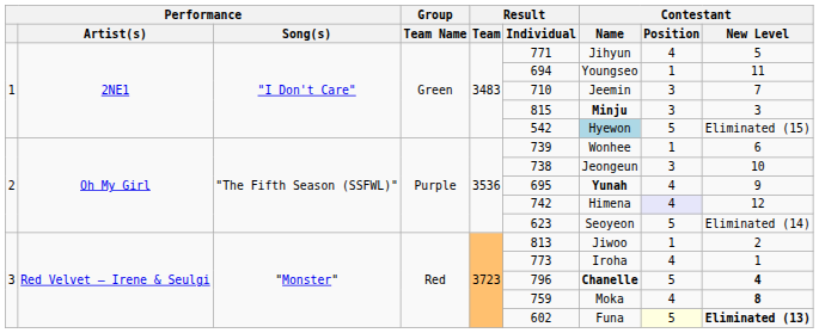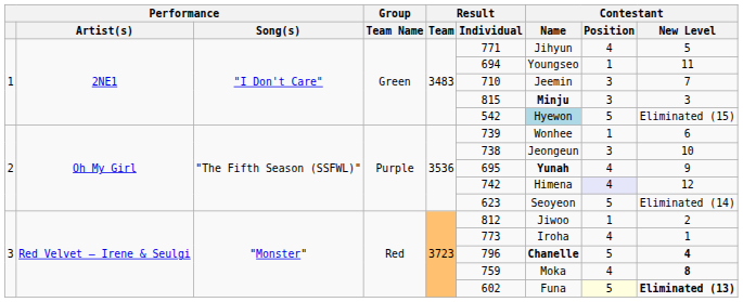 <table class="wikitable collapsible" style="text-align:center">
 <tr>
 <th colspan="3">Performance</th>
 <th>Group</th>
 <th colspan="2">Result</th>
 <th colspan="3">Contestant</th>
 </tr>
 <tr>
 <th></th>
 <th>Artist(s)</th>
 <th>Song(s)</th>
 <th>Team Name</th>
 <th>Team</th>
 <th>Individual</th>
 <th>Name</th>
 <th>Position</th>
 <th>New Level</th>
 </tr>
 <tr>
 <td rowspan="5">1</td>
 <td rowspan="5"><a href='#'>2NE1</a></td>
 <td rowspan="5"><a href='#'>"I Don't Care"</a></td>
 <td rowspan="5">Green</td>
 <td rowspan="5">3483</td>
 <td>771</td>
 <td>Jihyun</td>
 <td>4</td>
 <td>5</td>
 </tr>
 <tr>
 <td>694</td>
 <td>Youngseo</td>
 <td>1</td>
 <td>11</td>
 </tr>
 <tr>
 <td>710</td>
 <td>Jeemin</td>
 <td>3</td>
 <td>7</td>
 </tr>
 <tr>
 <td>815</td>
 <td><strong>Minju</strong></td>
 <td>3</td>
 <td>3</td>
 </tr>
 <tr>
 <td>542</td>
 <td style="background: lightblue;">Hyewon</td>
 <td>5</td>
 <td>Eliminated (15)</td>
 </tr>
 <tr>
 <td rowspan="5">2</td>
 <td rowspan="5"><a href='#'>Oh My Girl</a></td>
 <td rowspan="5">"The Fifth Season (SSFWL)"</td>
 <td rowspan="5">Purple</td>
 <td rowspan="5">3536</td>
 <td>739</td>
 <td>Wonhee</td>
 <td>1</td>
 <td>6</td>
 </tr>
 <tr>
 <td>738</td>
 <td>Jeongeun</td>
 <td>3</td>
 <td>10</td>
 </tr>
 <tr>
 <td>695</td>
 <td><strong>Yunah</strong></td>
 <td>4</td>
 <td>9</td>
 </tr>
 <tr>
 <td>742</td>
 <td>Himena</td>
 <td style="background: lavender;">4</td>
 <td>12</td>
 </tr>
 <tr>
 <td>623</td>
 <td>Seoyeon</td>
 <td>5</td>
 <td>Eliminated (14)</td>
 </tr>
 <tr>
 <td rowspan="5">3</td>
 <td rowspan="5"><a href='#'>Red Velvet – Irene & Seulgi</a></td>
 <td rowspan="5">"<a href='#'>Monster</a>"</td>
 <td rowspan="5">Red</td>
 <td rowspan="5" style="background:#FFC06F">3723</td>
-<td>813</td>
+<td>812</td>
 <td>Jiwoo</td>
 <td>1</td>
 <td>2</td>
 </tr>
 <tr>
 <td>773</td>
 <td>Iroha</td>
 <td>4</td>
 <td>1</td>
 </tr>
 <tr>
 <td>796</td>
 <td><strong>Chanelle</strong></td>
 <td>5</td>
 <td><strong>4</strong></td>
 </tr>
 <tr>
 <td>759</td>
 <td>Moka</td>
 <td>4</td>
 <td><strong>8</strong></td>
 </tr>
 <tr>
 <td>602</td>
 <td>Funa</td>
 <td style="background: lightyellow;">5</td>
 <td><strong>Eliminated (13)</strong></td>
 </tr>
 </table>
